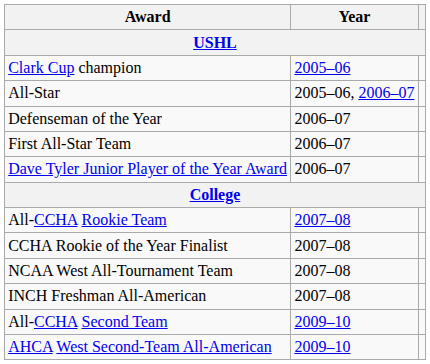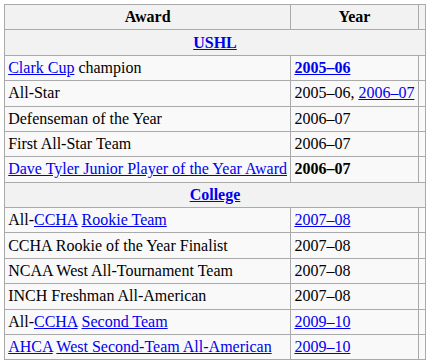 <table class="wikitable">
 <tr>
 <th>Award</th>
 <th>Year</th>
 <th></th>
 </tr>
 <tr>
 <th colspan="3"><a href='#'>USHL</a></th>
 </tr>
 <tr>
 <td><a href='#'>Clark Cup</a> champion</td>
-<td><a href='#'>2005–06</a></td>
+<td><strong><a href='#'>2005–06</a></strong></td>
 <td></td>
 </tr>
 <tr>
 <td>All-Star</td>
 <td>2005–06, <a href='#'>2006–07</a></td>
 <td></td>
 </tr>
 <tr>
 <td>Defenseman of the Year</td>
 <td>2006–07</td>
 <td></td>
 </tr>
 <tr>
 <td>First All-Star Team</td>
 <td>2006–07</td>
 <td></td>
 </tr>
 <tr>
 <td><a href='#'>Dave Tyler Junior Player of the Year Award</a></td>
-<td>2006–07</td>
+<td><strong>2006–07</strong></td>
 <td></td>
 </tr>
 <tr>
 <th colspan="3"><a href='#'>College</a></th>
 </tr>
 <tr>
 <td>All-<a href='#'>CCHA</a> <a href='#'>Rookie Team</a></td>
 <td><a href='#'>2007–08</a></td>
 <td></td>
 </tr>
 <tr>
 <td>CCHA Rookie of the Year Finalist</td>
 <td>2007–08</td>
 <td></td>
 </tr>
 <tr>
 <td>NCAA West All-Tournament Team</td>
 <td>2007–08</td>
 <td></td>
 </tr>
 <tr>
 <td>INCH Freshman All-American</td>
 <td>2007–08</td>
 <td></td>
 </tr>
 <tr>
 <td>All-<a href='#'>CCHA</a> <a href='#'>Second Team</a></td>
 <td><a href='#'>2009–10</a></td>
 <td></td>
 </tr>
 <tr>
 <td><a href='#'>AHCA</a> <a href='#'>West Second-Team All-American</a></td>
 <td><a href='#'>2009–10</a></td>
 <td></td>
 </tr>
 </table>
